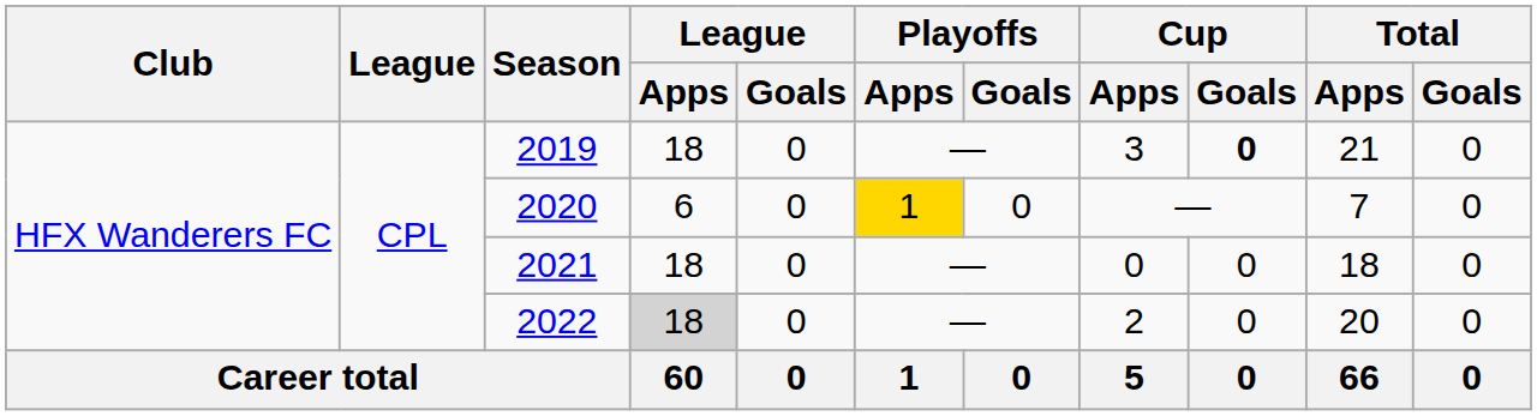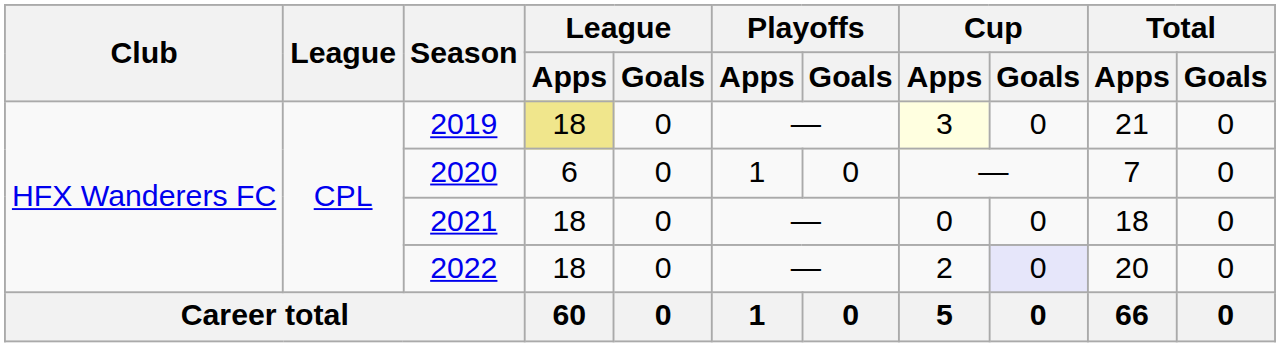 <table class="wikitable" style="text-align: center;">
 <tr>
 <th rowspan="2">Club</th>
 <th rowspan="2">League</th>
 <th rowspan="2">Season</th>
 <th colspan="2">League</th>
 <th colspan="2">Playoffs</th>
 <th colspan="2">Cup</th>
 <th colspan="2">Total</th>
 </tr>
 <tr>
 <th>Apps</th>
 <th>Goals</th>
 <th>Apps</th>
 <th>Goals</th>
 <th>Apps</th>
 <th>Goals</th>
 <th>Apps</th>
 <th>Goals</th>
 </tr>
 <tr>
 <td rowspan="4"><a href='#'>HFX Wanderers FC</a></td>
 <td rowspan="4"><a href='#'>CPL</a></td>
 <td><a href='#'>2019</a></td>
-<td>18</td>
+<td style="background: khaki;">18</td>
 <td>0</td>
 <td colspan="2">—</td>
-<td>3</td>
-<td><strong>0</strong></td>
+<td style="background: lightyellow;">3</td>
+<td>0</td>
 <td>21</td>
 <td>0</td>
 </tr>
 <tr>
 <td><a href='#'>2020</a></td>
 <td>6</td>
 <td>0</td>
-<td style="background: gold;">1</td>
+<td>1</td>
 <td>0</td>
 <td colspan="2">—</td>
 <td>7</td>
 <td>0</td>
 </tr>
 <tr>
 <td><a href='#'>2021</a></td>
 <td>18</td>
 <td>0</td>
 <td colspan="2">—</td>
 <td>0</td>
 <td>0</td>
 <td>18</td>
 <td>0</td>
 </tr>
 <tr>
 <td><a href='#'>2022</a></td>
-<td style="background: lightgrey;">18</td>
+<td>18</td>
 <td>0</td>
 <td colspan="2">—</td>
 <td>2</td>
-<td>0</td>
+<td style="background: lavender;">0</td>
 <td>20</td>
 <td>0</td>
 </tr>
 <tr>
 <th colspan="3">Career total</th>
 <th>60</th>
 <th>0</th>
 <th>1</th>
 <th>0</th>
 <th>5</th>
 <th>0</th>
 <th>66</th>
 <th>0</th>
 </tr>
 </table>
